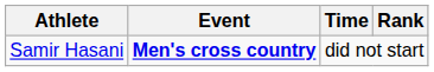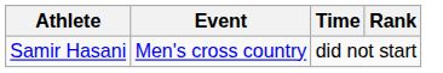 <table class="wikitable" style="font-size:90%">
 <tr>
 <th>Athlete</th>
 <th>Event</th>
 <th>Time</th>
 <th>Rank</th>
 </tr>
 <tr align=center>
 <td align=left><a href='#'>Samir Hasani</a></td>
-<td align=left><strong><a href='#'>Men's cross country</a></strong></td>
+<td align=left><a href='#'>Men's cross country</a></td>
 <td colspan=2>did not start</td>
 </tr>
 </table>
